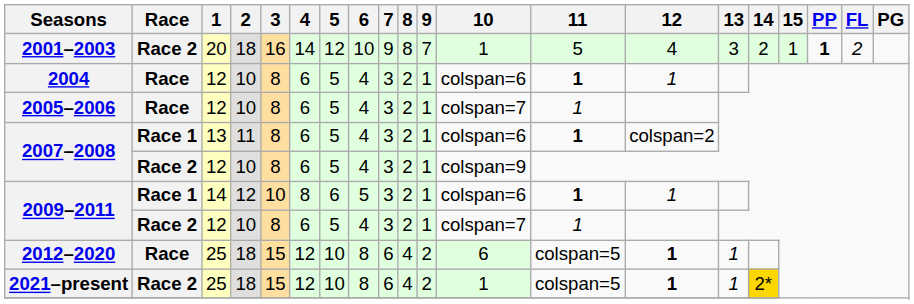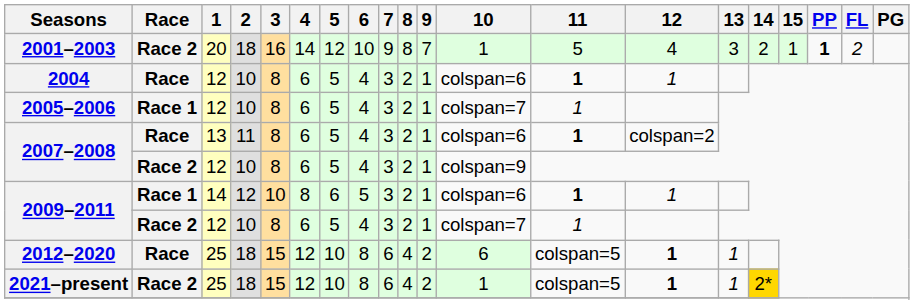 <table class="wikitable" style="text-align:center; font-size: 85%;">
 <tr>
 <th>Seasons</th>
 <th>Race</th>
 <th>1</th>
 <th>2</th>
 <th>3</th>
 <th>4</th>
 <th>5</th>
 <th>6</th>
 <th>7</th>
 <th>8</th>
 <th>9</th>
 <th>10</th>
 <th>11</th>
 <th>12</th>
 <th>13</th>
 <th>14</th>
 <th>15</th>
 <th><a href='#'>PP</a></th>
 <th><a href='#'>FL</a></th>
 <th>PG</th>
 </tr>
 <tr>
 <th><a href='#'>2001</a>–<a href='#'>2003</a></th>
 <th>Race 2</th>
 <td style="background:#FFFFBF;">20</td>
 <td style="background:#DFDFDF;">18</td>
 <td style="background:#FFDF9F;">16</td>
 <td style="background:#DFFFDF;">14</td>
 <td style="background:#DFFFDF;">12</td>
 <td style="background:#DFFFDF;">10</td>
 <td style="background:#DFFFDF;">9</td>
 <td style="background:#DFFFDF;">8</td>
 <td style="background:#DFFFDF;">7</td>
 <td style="background:#DFFFDF;">1</td>
 <td style="background:#DFFFDF;">5</td>
 <td style="background:#DFFFDF;">4</td>
 <td style="background:#DFFFDF;">3</td>
 <td style="background:#DFFFDF;">2</td>
 <td style="background:#DFFFDF;">1</td>
 <td><strong>1</strong></td>
 <td><em>2</em></td>
 <td></td>
 </tr>
 <tr>
 <th><a href='#'>2004</a></th>
 <th>Race</th>
 <td style="background:#FFFFBF;">12</td>
 <td style="background:#DFDFDF;">10</td>
 <td style="background:#FFDF9F;">8</td>
 <td style="background:#DFFFDF;">6</td>
 <td style="background:#DFFFDF;">5</td>
 <td style="background:#DFFFDF;">4</td>
 <td style="background:#DFFFDF;">3</td>
 <td style="background:#DFFFDF;">2</td>
 <td style="background:#DFFFDF;">1</td>
 <td>colspan=6 </td>
 <td><strong>1</strong></td>
 <td><em>1</em></td>
 <td></td>
 </tr>
 <tr>
 <th><a href='#'>2005</a>–<a href='#'>2006</a></th>
-<th>Race</th>
+<th>Race 1</th>
 <td style="background:#FFFFBF;">12</td>
 <td style="background:#DFDFDF;">10</td>
 <td style="background:#FFDF9F;">8</td>
 <td style="background:#DFFFDF;">6</td>
 <td style="background:#DFFFDF;">5</td>
 <td style="background:#DFFFDF;">4</td>
 <td style="background:#DFFFDF;">3</td>
 <td style="background:#DFFFDF;">2</td>
 <td style="background:#DFFFDF;">1</td>
 <td>colspan=7 </td>
 <td><em>1</em></td>
 <td></td>
 </tr>
 <tr>
 <th rowspan=2><a href='#'>2007</a>–<a href='#'>2008</a></th>
-<th>Race 1</th>
+<th>Race</th>
 <td style="background:#FFFFBF;">13</td>
 <td style="background:#DFDFDF;">11</td>
 <td style="background:#FFDF9F;">8</td>
 <td style="background:#DFFFDF;">6</td>
 <td style="background:#DFFFDF;">5</td>
 <td style="background:#DFFFDF;">4</td>
 <td style="background:#DFFFDF;">3</td>
 <td style="background:#DFFFDF;">2</td>
 <td style="background:#DFFFDF;">1</td>
 <td>colspan=6 </td>
 <td><strong>1</strong></td>
 <td>colspan=2 </td>
 </tr>
 <tr>
 <th>Race 2</th>
 <td style="background:#FFFFBF;">12</td>
 <td style="background:#DFDFDF;">10</td>
 <td style="background:#FFDF9F;">8</td>
 <td style="background:#DFFFDF;">6</td>
 <td style="background:#DFFFDF;">5</td>
 <td style="background:#DFFFDF;">4</td>
 <td style="background:#DFFFDF;">3</td>
 <td style="background:#DFFFDF;">2</td>
 <td style="background:#DFFFDF;">1</td>
 <td>colspan=9 </td>
 </tr>
 <tr>
 <th rowspan=2><a href='#'>2009</a>–<a href='#'>2011</a></th>
 <th>Race 1</th>
 <td style="background:#FFFFBF;">14</td>
 <td style="background:#DFDFDF;">12</td>
 <td style="background:#FFDF9F;">10</td>
 <td style="background:#DFFFDF;">8</td>
 <td style="background:#DFFFDF;">6</td>
 <td style="background:#DFFFDF;">5</td>
 <td style="background:#DFFFDF;">3</td>
 <td style="background:#DFFFDF;">2</td>
 <td style="background:#DFFFDF;">1</td>
 <td>colspan=6 </td>
 <td><strong>1</strong></td>
 <td><em>1</em></td>
 <td></td>
 </tr>
 <tr>
 <th>Race 2</th>
 <td style="background:#FFFFBF;">12</td>
 <td style="background:#DFDFDF;">10</td>
 <td style="background:#FFDF9F;">8</td>
 <td style="background:#DFFFDF;">6</td>
 <td style="background:#DFFFDF;">5</td>
 <td style="background:#DFFFDF;">4</td>
 <td style="background:#DFFFDF;">3</td>
 <td style="background:#DFFFDF;">2</td>
 <td style="background:#DFFFDF;">1</td>
 <td>colspan=7 </td>
 <td><em>1</em></td>
 <td></td>
 </tr>
 <tr>
 <th><a href='#'>2012</a>–<a href='#'>2020</a></th>
 <th>Race</th>
 <td style="background:#FFFFBF;">25</td>
 <td style="background:#DFDFDF;">18</td>
 <td style="background:#FFDF9F;">15</td>
 <td style="background:#DFFFDF;">12</td>
 <td style="background:#DFFFDF;">10</td>
 <td style="background:#DFFFDF;">8</td>
 <td style="background:#DFFFDF;">6</td>
 <td style="background:#DFFFDF;">4</td>
 <td style="background:#DFFFDF;">2</td>
 <td style="background:#DFFFDF;">6</td>
 <td>colspan=5 </td>
 <td><strong>1</strong></td>
 <td><em>1</em></td>
 <td></td>
 </tr>
 <tr>
 <th><a href='#'>2021</a>–present</th>
 <th>Race 2</th>
 <td style="background:#FFFFBF;">25</td>
 <td style="background:#DFDFDF;">18</td>
 <td style="background:#FFDF9F;">15</td>
 <td style="background:#DFFFDF;">12</td>
 <td style="background:#DFFFDF;">10</td>
 <td style="background:#DFFFDF;">8</td>
 <td style="background:#DFFFDF;">6</td>
 <td style="background:#DFFFDF;">4</td>
 <td style="background:#DFFFDF;">2</td>
 <td style="background:#DFFFDF;">1</td>
 <td>colspan=5 </td>
 <td><strong>1</strong></td>
 <td><em>1</em></td>
 <td style="background: gold;">2*</td>
 </tr>
 <tr>
 </tr>
 </table>
